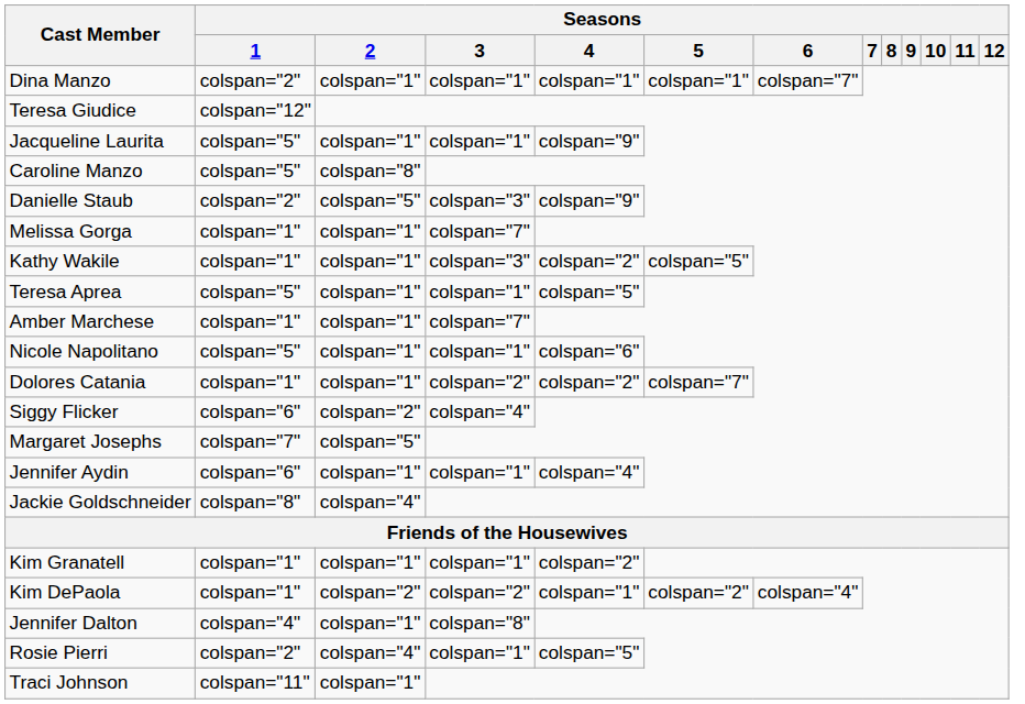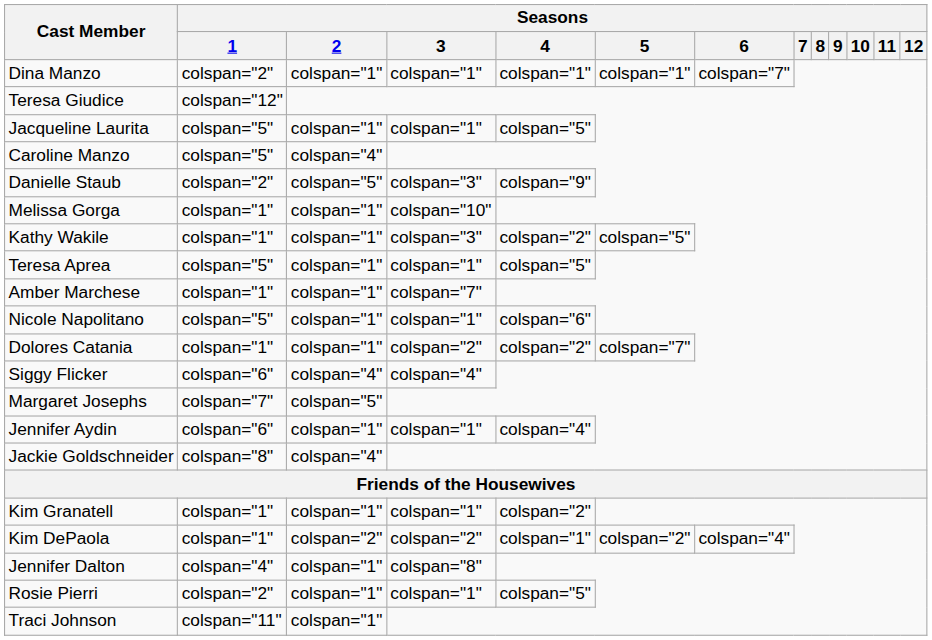 <table class="wikitable plainrowheaders" style="width:35%;">
 <tr>
 <th scope="col" rowspan="2" style="width:10%;">Cast Member</th>
 <th scope="col" colspan="15">Seasons</th>
 </tr>
 <tr>
 <th style="width:10%;"><a href='#'>1</a></th>
 <th style="width:10%;"><a href='#'>2</a></th>
 <th>3</th>
 <th>4</th>
 <th>5</th>
 <th>6</th>
 <th>7</th>
 <th>8</th>
 <th>9</th>
 <th>10</th>
 <th>11</th>
 <th>12</th>
 </tr>
 <tr>
 <td>Dina Manzo</td>
 <td>colspan="2" </td>
 <td>colspan="1" </td>
 <td>colspan="1" </td>
 <td>colspan="1" </td>
 <td>colspan="1" </td>
 <td>colspan="7" </td>
 </tr>
 <tr>
 <td>Teresa Giudice</td>
 <td>colspan="12" </td>
 </tr>
 <tr>
 <td nowrap>Jacqueline Laurita</td>
 <td>colspan="5" </td>
 <td>colspan="1" </td>
 <td>colspan="1" </td>
-<td>colspan="9" </td>
+<td>colspan="5" </td>
 </tr>
 <tr>
 <td>Caroline Manzo</td>
 <td>colspan="5" </td>
-<td>colspan="8" </td>
+<td>colspan="4" </td>
 </tr>
 <tr>
 <td>Danielle Staub</td>
 <td>colspan="2" </td>
 <td>colspan="5" </td>
 <td>colspan="3" </td>
 <td>colspan="9" </td>
 </tr>
 <tr>
 <td>Melissa Gorga</td>
 <td>colspan="1" </td>
 <td>colspan="1" </td>
-<td>colspan="7" </td>
+<td>colspan="10" </td>
 </tr>
 <tr>
 <td>Kathy Wakile</td>
 <td>colspan="1" </td>
 <td>colspan="1" </td>
 <td>colspan="3" </td>
 <td>colspan="2" </td>
 <td>colspan="5" </td>
 </tr>
 <tr>
 <td>Teresa Aprea</td>
 <td>colspan="5" </td>
 <td>colspan="1" </td>
 <td>colspan="1" </td>
 <td>colspan="5" </td>
 </tr>
 <tr>
 <td>Amber Marchese</td>
 <td>colspan="1" </td>
 <td>colspan="1" </td>
 <td>colspan="7" </td>
 </tr>
 <tr>
 <td>Nicole Napolitano</td>
 <td>colspan="5" </td>
 <td>colspan="1" </td>
 <td>colspan="1" </td>
 <td>colspan="6" </td>
 </tr>
 <tr>
 <td>Dolores Catania</td>
 <td>colspan="1" </td>
 <td>colspan="1" </td>
 <td>colspan="2" </td>
 <td>colspan="2" </td>
 <td>colspan="7" </td>
 </tr>
 <tr>
 <td>Siggy Flicker</td>
 <td>colspan="6" </td>
-<td>colspan="2" </td>
+<td>colspan="4" </td>
 <td>colspan="4" </td>
 </tr>
 <tr>
 <td>Margaret Josephs</td>
 <td>colspan="7" </td>
 <td>colspan="5" </td>
 </tr>
 <tr>
 <td>Jennifer Aydin</td>
 <td>colspan="6" </td>
 <td>colspan="1" </td>
 <td>colspan="1" </td>
 <td>colspan="4" </td>
 </tr>
 <tr>
 <td nowrap>Jackie Goldschneider</td>
 <td>colspan="8" </td>
 <td>colspan="4" </td>
 </tr>
 <tr>
 <th scope="col" colspan="13">Friends of the Housewives</th>
 </tr>
 <tr>
 <td>Kim Granatell</td>
 <td>colspan="1" </td>
 <td>colspan="1" </td>
 <td>colspan="1" </td>
 <td>colspan="2" </td>
 </tr>
 <tr>
 <td>Kim DePaola</td>
 <td>colspan="1" </td>
 <td>colspan="2" </td>
 <td>colspan="2" </td>
 <td>colspan="1" </td>
 <td>colspan="2" </td>
 <td>colspan="4" </td>
 </tr>
 <tr>
 <td>Jennifer Dalton</td>
 <td>colspan="4" </td>
 <td>colspan="1" </td>
 <td>colspan="8" </td>
 </tr>
 <tr>
 <td>Rosie Pierri</td>
 <td>colspan="2" </td>
-<td>colspan="4" </td>
+<td>colspan="1" </td>
 <td>colspan="1" </td>
 <td>colspan="5" </td>
 </tr>
 <tr>
 <td>Traci Johnson</td>
 <td>colspan="11" </td>
 <td>colspan="1" </td>
 </tr>
 </table>
